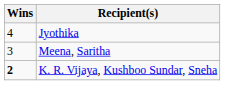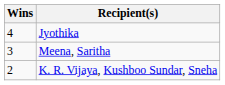 <table class="wikitable">
 <tr>
 <th>Wins</th>
 <th>Recipient(s)</th>
 </tr>
 <tr>
 <td>4</td>
 <td><a href='#'>Jyothika</a></td>
 </tr>
 <tr>
 <td>3</td>
 <td><a href='#'>Meena</a>, <a href='#'>Saritha</a></td>
 </tr>
 <tr>
-<td><strong>2</strong></td>
+<td>2</td>
 <td><a href='#'>K. R. Vijaya</a>, <a href='#'>Kushboo Sundar</a>, <a href='#'>Sneha</a></td>
 </tr>
 </table>
